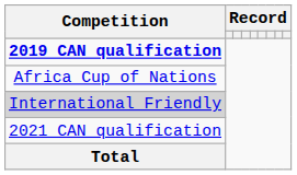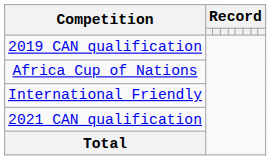 <table class="wikitable" style="text-align: center">
 <tr>
 <th rowspan=2>Competition</th>
 <th colspan=8>Record</th>
 </tr>
 <tr>
 <th></th>
 <th></th>
 <th></th>
 <th></th>
 <th></th>
 <th></th>
 <th></th>
 <th></th>
 </tr>
 <tr>
-<td><strong><a href='#'>2019 CAN qualification</a><br></strong></td>
+<td><a href='#'>2019 CAN qualification</a><br></td>
 </tr>
 <tr>
 <td><a href='#'>Africa Cup of Nations</a><br></td>
 </tr>
 <tr>
-<td style="background: lightgrey;"><a href='#'>International Friendly</a><br></td>
+<td><a href='#'>International Friendly</a><br></td>
 </tr>
 <tr>
 <td><a href='#'>2021 CAN qualification</a><br></td>
 </tr>
 <tr>
 <th>Total<br></th>
 </tr>
 </table>
